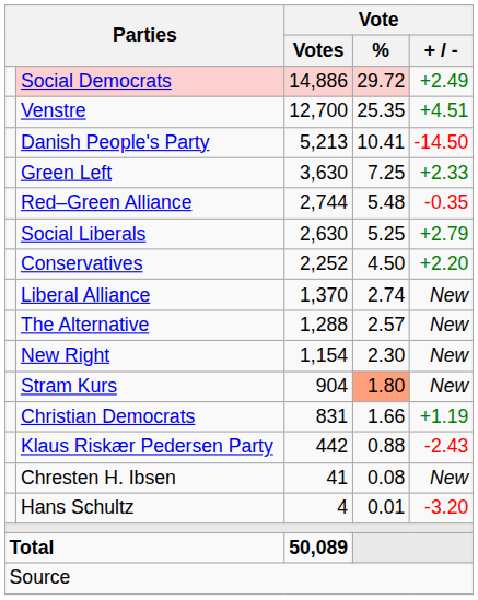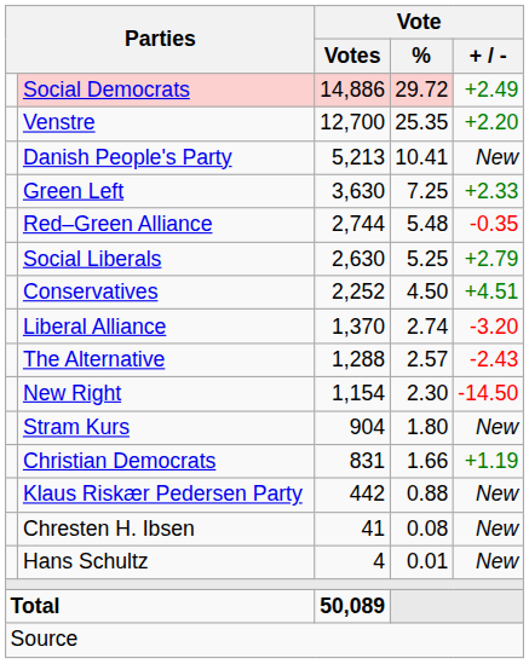 <table class="wikitable" style="text-align:right;">
 <tr>
 <th style="text-align:centre;" rowspan="2" colspan="2" width="225">Parties</th>
 <th colspan="3">Vote</th>
 </tr>
 <tr>
 <th width="15">Votes</th>
 <th width="15">%</th>
 <th width="15">+ / -</th>
 </tr>
 <tr>
 <td width="2" style="color:inherit;background:"></td>
 <td bgcolor=#fbd0ce  align="left"><a href='#'>Social Democrats</a></td>
 <td bgcolor=#fbd0ce>14,886</td>
 <td bgcolor=#fbd0ce>29.72</td>
 <td style=color:green;>+2.49</td>
 </tr>
 <tr>
 <td width="2" style="color:inherit;background:"></td>
 <td align="left"><a href='#'>Venstre</a></td>
 <td>12,700</td>
 <td>25.35</td>
-<td style=color:green;>+4.51</td>
+<td style=color:green;>+2.20</td>
 </tr>
 <tr>
 <td width="2" style="color:inherit;background:"></td>
 <td align="left"><a href='#'>Danish People's Party</a></td>
 <td>5,213</td>
 <td>10.41</td>
-<td style=color:red;>-14.50</td>
+<td><em>New</em></td>
 </tr>
 <tr>
 <td width="2" style="color:inherit;background:"></td>
 <td align="left"><a href='#'>Green Left</a></td>
 <td>3,630</td>
 <td>7.25</td>
 <td style=color:green;>+2.33</td>
 </tr>
 <tr>
 <td width="2" style="color:inherit;background:"></td>
 <td align="left"><a href='#'>Red–Green Alliance</a></td>
 <td>2,744</td>
 <td>5.48</td>
 <td style=color:red;>-0.35</td>
 </tr>
 <tr>
 <td width="2" style="color:inherit;background:"></td>
 <td align="left"><a href='#'>Social Liberals</a></td>
 <td>2,630</td>
 <td>5.25</td>
 <td style=color:green;>+2.79</td>
 </tr>
 <tr>
 <td width="2" style="color:inherit;background:"></td>
 <td align="left"><a href='#'>Conservatives</a></td>
 <td>2,252</td>
 <td>4.50</td>
-<td style=color:green;>+2.20</td>
+<td style=color:green;>+4.51</td>
 </tr>
 <tr>
 <td width="2" style="color:inherit;background:"></td>
 <td align="left"><a href='#'>Liberal Alliance</a></td>
 <td>1,370</td>
 <td>2.74</td>
-<td><em>New</em></td>
+<td style=color:red;>-3.20</td>
 </tr>
 <tr>
 <td width="2" style="color:inherit;background:"></td>
 <td align="left"><a href='#'>The Alternative</a></td>
 <td>1,288</td>
 <td>2.57</td>
-<td><em>New</em></td>
+<td style=color:red;>-2.43</td>
 </tr>
 <tr>
 <td width="2" style="color:inherit;background:"></td>
 <td align="left"><a href='#'>New Right</a></td>
 <td>1,154</td>
 <td>2.30</td>
-<td><em>New</em></td>
+<td style=color:red;>-14.50</td>
 </tr>
 <tr>
 <td width="2" style="color:inherit;background:"></td>
 <td align="left"><a href='#'>Stram Kurs</a></td>
 <td>904</td>
-<td style="background: lightsalmon;">1.80</td>
+<td>1.80</td>
 <td><em>New</em></td>
 </tr>
 <tr>
 <td width="2" style="color:inherit;background:"></td>
 <td align="left"><a href='#'>Christian Democrats</a></td>
 <td>831</td>
 <td>1.66</td>
 <td style=color:green;>+1.19</td>
 </tr>
 <tr>
 <td width="2" style="color:inherit;background:"></td>
 <td align="left"><a href='#'>Klaus Riskær Pedersen Party</a></td>
 <td>442</td>
 <td>0.88</td>
-<td style=color:red;>-2.43</td>
+<td><em>New</em></td>
 </tr>
 <tr>
 <td width="2" style="color:inherit;background:"></td>
 <td align="left">Chresten H. Ibsen</td>
 <td>41</td>
 <td>0.08</td>
 <td><em>New</em></td>
 </tr>
 <tr>
 <td width="2" style="color:inherit;background:"></td>
 <td align="left">Hans Schultz</td>
 <td>4</td>
 <td>0.01</td>
-<td style=color:red;>-3.20</td>
+<td><em>New</em></td>
 </tr>
 <tr>
 <td colspan="7" bgcolor="#E9E9E9"></td>
 </tr>
 <tr>
 <td align="left" colspan="2"><strong>Total</strong></td>
 <td><strong>50,089</strong></td>
 <td bgcolor="#E9E9E9" colspan="2"></td>
 </tr>
 <tr>
 <td align="left" colspan="6">Source</td>
 </tr>
 </table>
